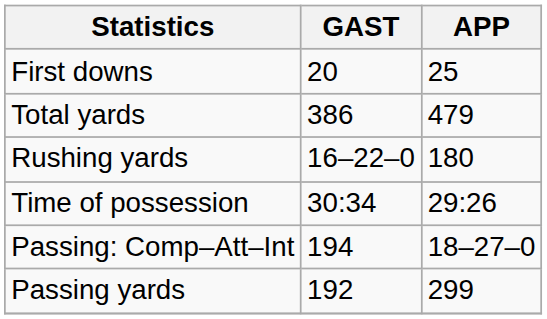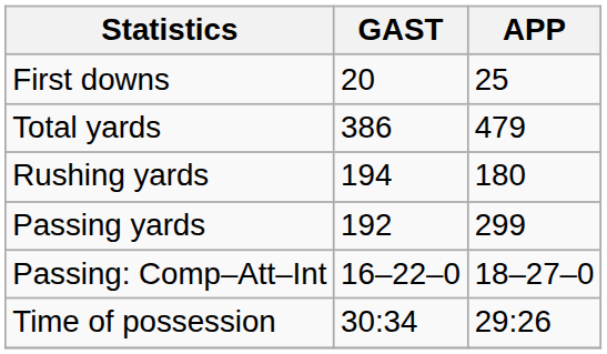 <table class="wikitable" style="float: left;">
 <tr>
 <th>Statistics</th>
 <th>GAST</th>
 <th>APP</th>
 </tr>
 <tr>
 <td>First downs</td>
 <td>20</td>
 <td>25</td>
 </tr>
 <tr>
 <td>Total yards</td>
 <td>386</td>
 <td>479</td>
 </tr>
 <tr>
 <td>Rushing yards</td>
+<td>194</td>
+<td>180</td>
+</tr>
+<tr>
+<td>Passing yards</td>
+<td>192</td>
+<td>299</td>
+</tr>
+<tr>
+<td>Passing: Comp–Att–Int</td>
 <td>16–22–0</td>
-<td>180</td>
+<td>18–27–0</td>
 </tr>
 <tr>
 <td>Time of possession</td>
 <td>30:34</td>
 <td>29:26</td>
 </tr>
 <tr>
-<td>Passing: Comp–Att–Int</td>
-<td>194</td>
-<td>18–27–0</td>
-</tr>
-<tr>
-<td>Passing yards</td>
-<td>192</td>
-<td>299</td>
-</tr>
-<tr>
 </tr>
 </table>
